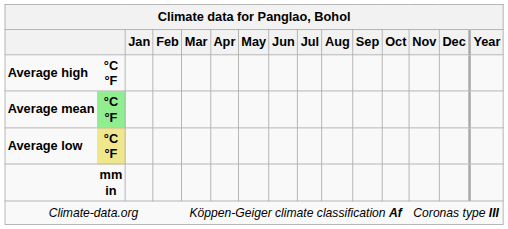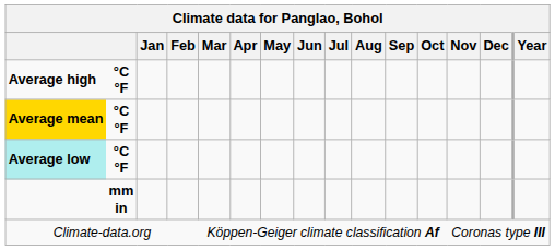 <table class=wikitable style="font-size:95%;margin:0 auto;line-height:1.2em;text-align:center;">
 <tr style="line-height:1.5em;">
 <th style="border-bottom:thin 0 white;" colspan=15>Climate data for Panglao, Bohol</th>
 </tr>
 <tr style="line-height:1.5em;">
 <th style="border-top:none 0 white;"    colspan=2></th>
 <th>Jan</th>
 <th>Feb</th>
 <th>Mar</th>
 <th>Apr</th>
 <th>May</th>
 <th>Jun</th>
 <th>Jul</th>
 <th>Aug</th>
 <th>Sep</th>
 <th>Oct</th>
 <th>Nov</th>
 <th>Dec</th>
 <th style="border-left-width:medium;">Year</th>
 </tr>
 <tr>
 <td style="border-right-style:hidden;font-weight:bold;text-align:left;">Average high</td>
 <td style="border-left-style :hidden;font-weight:bold;">°C<br>°F</td>
 <td></td>
 <td></td>
 <td></td>
 <td></td>
 <td></td>
 <td></td>
 <td></td>
 <td></td>
 <td></td>
 <td></td>
 <td></td>
 <td></td>
 <td style="border-left-width:medium;"></td>
 </tr>
 <tr style="font-weight:bold;">
-<td style="text-align:left;border-right-style:hidden;">Average mean</td>
-<td style="background: lightgreen;                 border-left-style :hidden;">°C<br>°F</td>
+<td style="background: gold; text-align:left;border-right-style:hidden;">Average mean</td>
+<td style="                border-left-style :hidden;">°C<br>°F</td>
 <td></td>
 <td></td>
 <td></td>
 <td></td>
 <td></td>
 <td></td>
 <td></td>
 <td></td>
 <td></td>
 <td></td>
 <td></td>
 <td></td>
 <td style="border-left-width:medium;"></td>
 </tr>
 <tr>
-<td style="text-align:left;border-right-style:hidden;font-weight:bold;">Average low</td>
-<td style="background: khaki;                 border-left-style :hidden;font-weight:bold;">°C<br>°F</td>
+<td style="background: paleturquoise; text-align:left;border-right-style:hidden;font-weight:bold;">Average low</td>
+<td style="                border-left-style :hidden;font-weight:bold;">°C<br>°F</td>
 <td></td>
 <td></td>
 <td></td>
 <td></td>
 <td></td>
 <td></td>
 <td></td>
 <td></td>
 <td></td>
 <td></td>
 <td></td>
 <td></td>
 <td style="border-left-width:medium;"></td>
 </tr>
 <tr>
 <td style="text-align:left;border-right:hidden white 0;font-weight:bold;"></td>
 <td style="                border-left :hidden white 0;font-weight:bold;">mm<br>in</td>
 <td></td>
 <td></td>
 <td></td>
 <td></td>
 <td></td>
 <td></td>
 <td></td>
 <td></td>
 <td></td>
 <td></td>
 <td></td>
 <td></td>
 <td style="border-left-width:medium;font-weight:bold;"></td>
 </tr>
 <tr style="line-height:1.5em;font-style: italic;font-size:95%;">
 <td style="border-style:solid none;" colspan=4>Climate-data.org</td>
 <td style="border-style:solid none;" colspan=8>Köppen-Geiger climate classification <strong>Af</strong></td>
 <td style="border-style:solid none;" colspan=4>Coronas type <strong><span>III</span></strong></td>
 </tr>
 </table>
